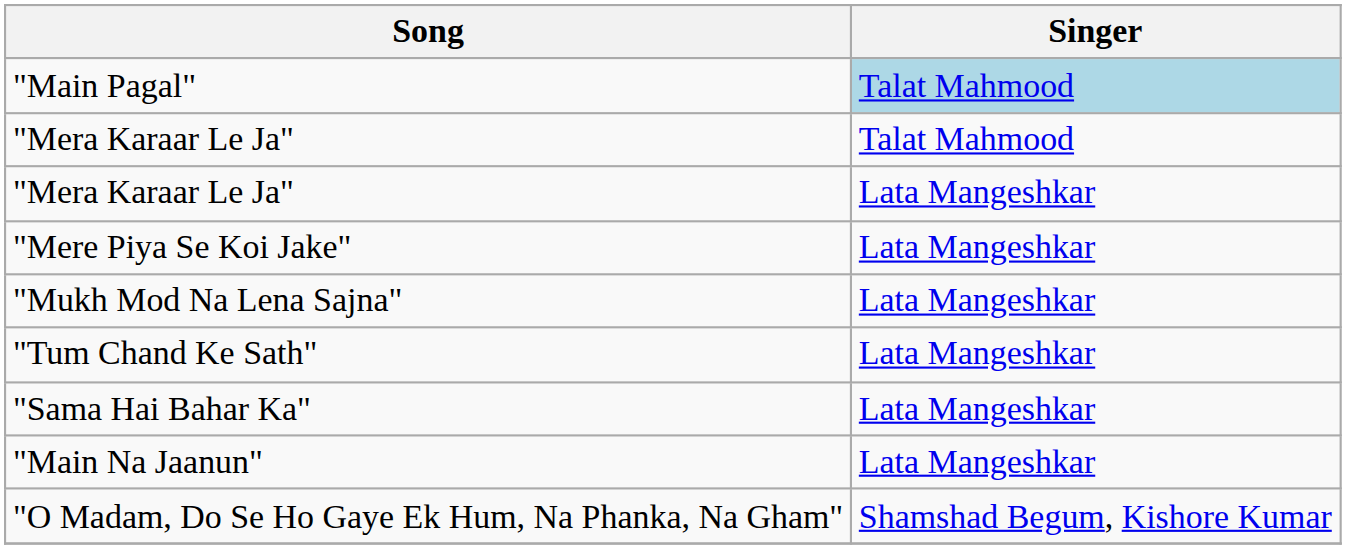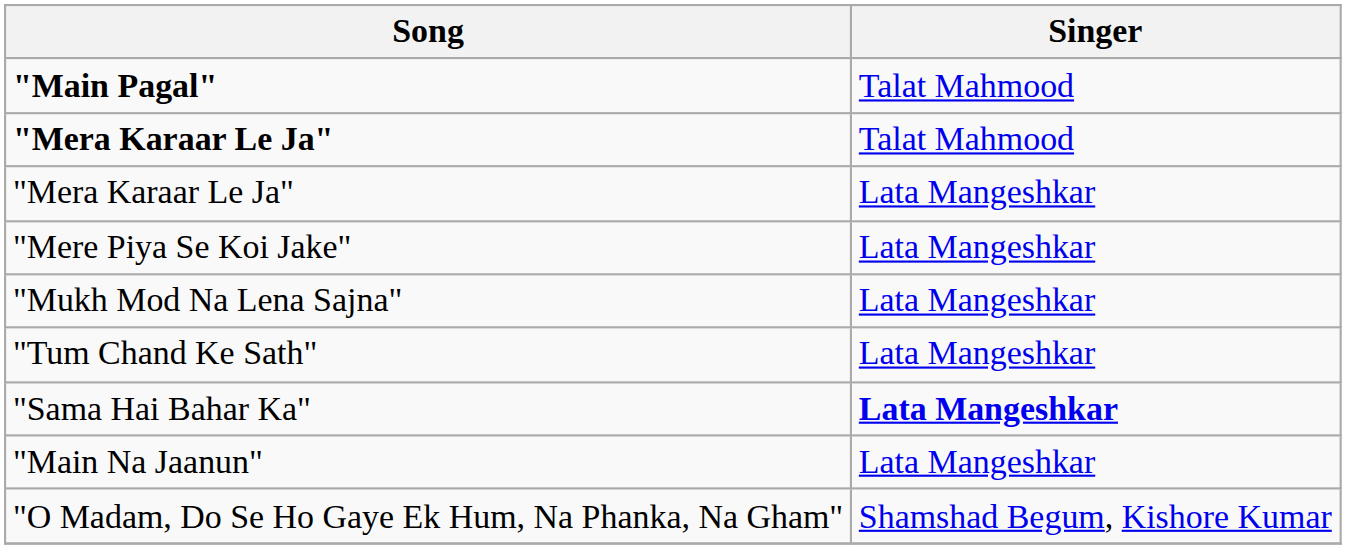 <table class="wikitable">
 <tr>
 <th>Song</th>
 <th>Singer</th>
 </tr>
 <tr>
-<td>"Main Pagal"</td>
-<td style="background: lightblue;"><a href='#'>Talat Mahmood</a></td>
+<td><strong>"Main Pagal"</strong></td>
+<td><a href='#'>Talat Mahmood</a></td>
 </tr>
 <tr>
-<td>"Mera Karaar Le Ja"</td>
+<td><strong>"Mera Karaar Le Ja"</strong></td>
 <td><a href='#'>Talat Mahmood</a></td>
 </tr>
 <tr>
 <td>"Mera Karaar Le Ja"</td>
 <td><a href='#'>Lata Mangeshkar</a></td>
 </tr>
 <tr>
 <td>"Mere Piya Se Koi Jake"</td>
 <td><a href='#'>Lata Mangeshkar</a></td>
 </tr>
 <tr>
 <td>"Mukh Mod Na Lena Sajna"</td>
 <td><a href='#'>Lata Mangeshkar</a></td>
 </tr>
 <tr>
 <td>"Tum Chand Ke Sath"</td>
 <td><a href='#'>Lata Mangeshkar</a></td>
 </tr>
 <tr>
 <td>"Sama Hai Bahar Ka"</td>
-<td><a href='#'>Lata Mangeshkar</a></td>
+<td><strong><a href='#'>Lata Mangeshkar</a></strong></td>
 </tr>
 <tr>
 <td>"Main Na Jaanun"</td>
 <td><a href='#'>Lata Mangeshkar</a></td>
 </tr>
 <tr>
 <td>"O Madam, Do Se Ho Gaye Ek Hum, Na Phanka, Na Gham"</td>
 <td><a href='#'>Shamshad Begum</a>, <a href='#'>Kishore Kumar</a></td>
 </tr>
 <tr>
 </tr>
 </table>
